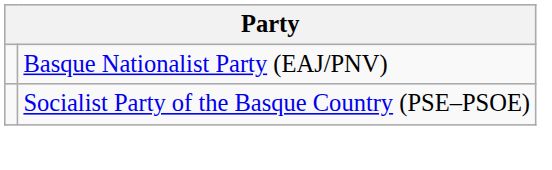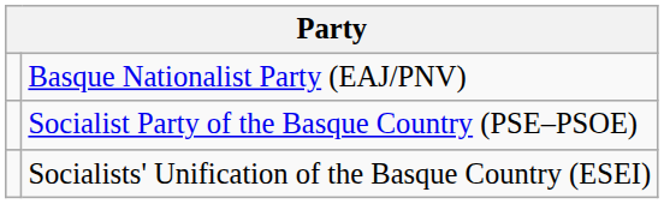 <table class="wikitable" style="text-align:left; font-size:97%;">
 <tr>
 <th colspan="2">Party</th>
 </tr>
 <tr>
 <td width="1"></td>
 <td><a href='#'>Basque Nationalist Party</a> (EAJ/PNV)</td>
 </tr>
 <tr>
 <td></td>
 <td><a href='#'>Socialist Party of the Basque Country</a> (PSE–PSOE)</td>
 </tr>
+<tr>
+<td></td>
+<td>Socialists' Unification of the Basque Country (ESEI)</td>
+</tr>
 </table>
